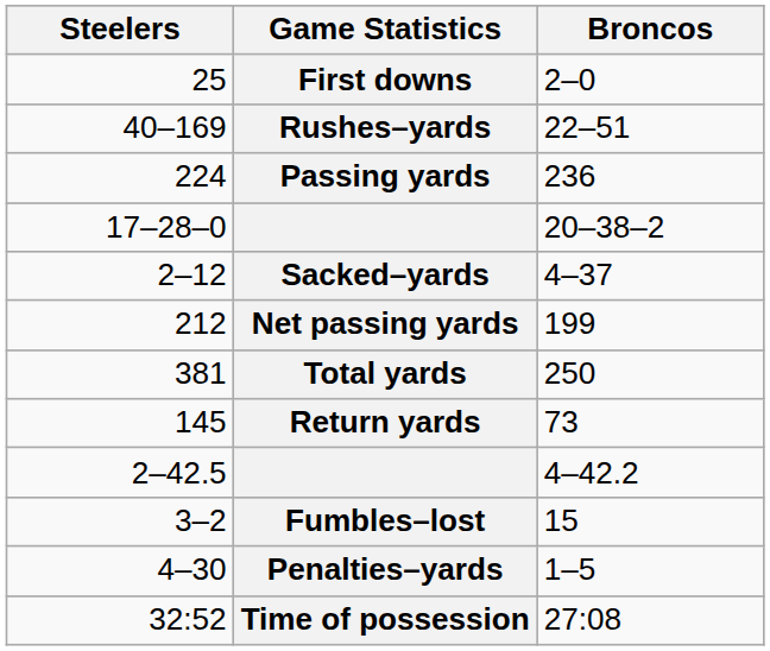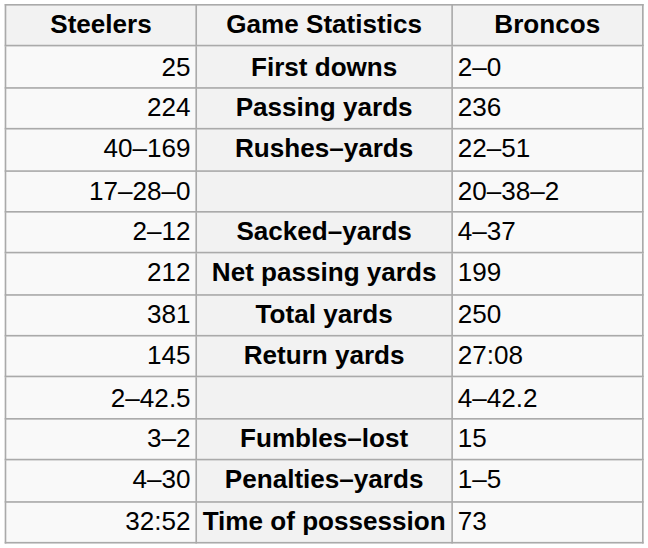 <table class="wikitable" style="margin: 1em auto 1em auto">
 <tr>
 <th style="width:30%;">Steelers</th>
 <th style="width:40%;">Game Statistics</th>
 <th style="width:30%;">Broncos</th>
 </tr>
 <tr>
 <td style="text-align:right;">25</td>
 <th>First downs</th>
 <td>2–0</td>
 </tr>
 <tr>
+<td style="text-align:right;">224</td>
+<th>Passing yards</th>
+<td>236</td>
+</tr>
+<tr>
 <td style="text-align:right;">40–169</td>
 <th>Rushes–yards</th>
 <td>22–51</td>
-</tr>
-<tr>
-<td style="text-align:right;">224</td>
-<th>Passing yards</th>
-<td>236</td>
 </tr>
 <tr>
 <td style="text-align:right;">17–28–0</td>
 <th></th>
 <td>20–38–2</td>
 </tr>
 <tr>
 <td style="text-align:right;">2–12</td>
 <th>Sacked–yards</th>
 <td>4–37</td>
 </tr>
 <tr>
 <td style="text-align:right;">212</td>
 <th>Net passing yards</th>
 <td>199</td>
 </tr>
 <tr>
 <td style="text-align:right;">381</td>
 <th>Total yards</th>
 <td>250</td>
 </tr>
 <tr>
 <td style="text-align:right;">145</td>
 <th>Return yards</th>
-<td>73</td>
+<td>27:08</td>
 </tr>
 <tr>
 <td style="text-align:right;">2–42.5</td>
 <th></th>
 <td>4–42.2</td>
 </tr>
 <tr>
 <td style="text-align:right;">3–2</td>
 <th>Fumbles–lost</th>
 <td>15</td>
 </tr>
 <tr>
 <td style="text-align:right;">4–30</td>
 <th>Penalties–yards</th>
 <td>1–5</td>
 </tr>
 <tr>
 <td style="text-align:right;">32:52</td>
 <th>Time of possession</th>
-<td>27:08</td>
+<td>73</td>
 </tr>
 </table>
